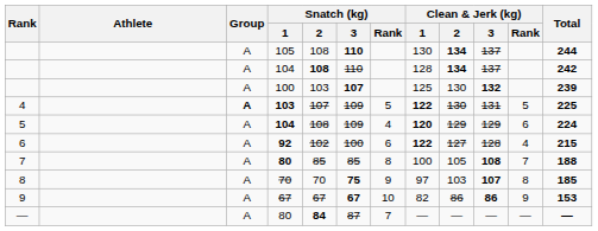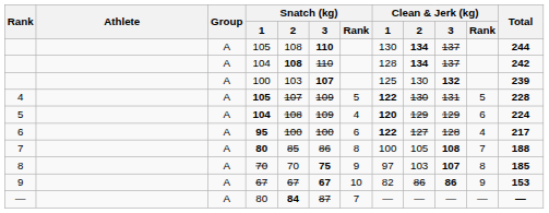 <table class = "wikitable" style="text-align:center;">
 <tr>
 <th rowspan=2 width=40>Rank</th>
 <th rowspan=2 width=250>Athlete</th>
 <th rowspan=2 width=50>Group</th>
 <th colspan=4>Snatch (kg)</th>
 <th colspan=4>Clean & Jerk (kg)</th>
 <th rowspan=2 width=60>Total</th>
 </tr>
 <tr>
 <th width=40>1</th>
 <th width=40>2</th>
 <th width=40>3</th>
 <th width=40>Rank</th>
 <th width=40>1</th>
 <th width=40>2</th>
 <th width=40>3</th>
 <th width=40>Rank</th>
 </tr>
 <tr>
 <td></td>
 <td align=left></td>
 <td>A</td>
 <td>105</td>
 <td>108</td>
 <td><strong>110</strong></td>
 <td></td>
 <td>130</td>
 <td><strong>134</strong></td>
 <td><s>137</s></td>
 <td></td>
 <td><strong>244</strong></td>
 </tr>
 <tr>
 <td></td>
 <td align=left></td>
 <td>A</td>
 <td>104</td>
 <td><strong>108</strong></td>
 <td><s>110</s></td>
 <td></td>
 <td>128</td>
 <td><strong>134</strong></td>
 <td><s>137</s></td>
 <td></td>
 <td><strong>242</strong></td>
 </tr>
 <tr>
 <td></td>
 <td align=left></td>
 <td>A</td>
 <td>100</td>
 <td>103</td>
 <td><strong>107</strong></td>
 <td></td>
 <td>125</td>
 <td>130</td>
 <td><strong>132</strong></td>
 <td></td>
 <td><strong>239</strong></td>
 </tr>
 <tr>
 <td>4</td>
 <td align=left></td>
-<td><strong>A</strong></td>
-<td><strong>103</strong></td>
+<td>A</td>
+<td><strong>105</strong></td>
 <td><s>107</s></td>
 <td><s>109</s></td>
 <td>5</td>
 <td><strong>122</strong></td>
 <td><s>130</s></td>
 <td><s>131</s></td>
 <td>5</td>
-<td><strong>225</strong></td>
+<td><strong>228</strong></td>
 </tr>
 <tr>
 <td>5</td>
 <td align=left></td>
 <td>A</td>
 <td><strong>104</strong></td>
 <td><s>108</s></td>
 <td><s>109</s></td>
 <td>4</td>
 <td><strong>120</strong></td>
 <td><s>129</s></td>
 <td><s>129</s></td>
 <td>6</td>
 <td><strong>224</strong></td>
 </tr>
 <tr>
 <td>6</td>
 <td align=left></td>
 <td>A</td>
-<td><strong>92</strong></td>
-<td><s>102</s></td>
+<td><strong>95</strong></td>
+<td><s>100</s></td>
 <td><s>100</s></td>
 <td>6</td>
 <td><strong>122</strong></td>
 <td><s>127</s></td>
 <td><s>128</s></td>
 <td>4</td>
-<td><strong>215</strong></td>
+<td><strong>217</strong></td>
 </tr>
 <tr>
 <td>7</td>
 <td align=left></td>
 <td>A</td>
 <td><strong>80</strong></td>
 <td><s>85</s></td>
-<td><s>85</s></td>
+<td><s>86</s></td>
 <td>8</td>
 <td>100</td>
 <td>105</td>
 <td><strong>108</strong></td>
 <td>7</td>
 <td><strong>188</strong></td>
 </tr>
 <tr>
 <td>8</td>
 <td align=left></td>
 <td>A</td>
 <td><s>70</s></td>
 <td>70</td>
 <td><strong>75</strong></td>
 <td>9</td>
 <td>97</td>
 <td>103</td>
 <td><strong>107</strong></td>
 <td>8</td>
 <td><strong>185</strong></td>
 </tr>
 <tr>
 <td>9</td>
 <td align=left></td>
 <td>A</td>
 <td><s>67</s></td>
 <td><s>67</s></td>
 <td><strong>67</strong></td>
 <td>10</td>
 <td>82</td>
 <td><s>86</s></td>
 <td><strong>86</strong></td>
 <td>9</td>
 <td><strong>153</strong></td>
 </tr>
 <tr>
 <td>—</td>
 <td align=left></td>
 <td>A</td>
 <td>80</td>
 <td><strong>84</strong></td>
 <td><s>87</s></td>
 <td>7</td>
 <td>—</td>
 <td>—</td>
 <td>—</td>
 <td>—</td>
 <td><strong>—</strong></td>
 </tr>
 </table>
